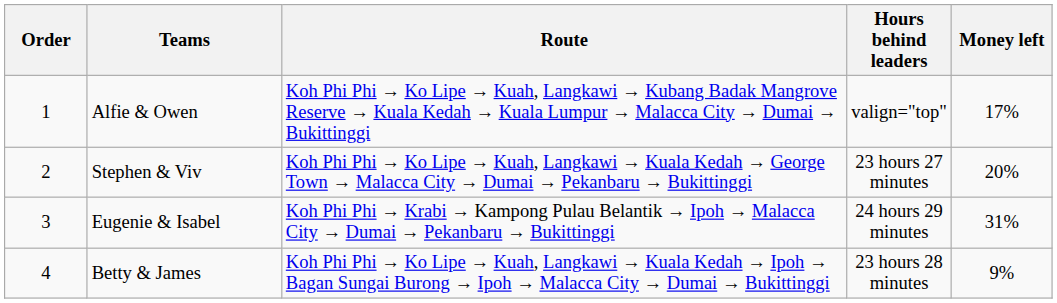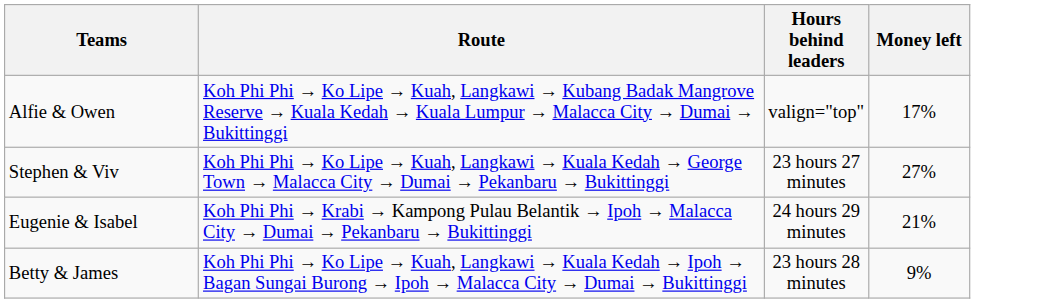 <table class="wikitable sortable" style="text-align:center">
 <tr>
-<th style="width:4em">Order</th>
 <th style="width:10em">Teams</th>
 <th style="width:30em">Route</th>
 <th style="width:5em">Hours behind leaders</th>
 <th style="width:5em">Money left</th>
 </tr>
 <tr>
-<td>1</td>
 <td style="text-align:left">Alfie & Owen</td>
 <td style="text-align:left"><a href='#'>Koh Phi Phi</a>  → <a href='#'>Ko Lipe</a>  → <a href='#'>Kuah</a>, <a href='#'>Langkawi</a> → <a href='#'>Kubang Badak Mangrove Reserve</a>   → <a href='#'>Kuala Kedah</a>   → <a href='#'>Kuala Lumpur</a>   → <a href='#'>Malacca City</a>  → <a href='#'>Dumai</a>   → <a href='#'>Bukittinggi</a></td>
 <td>valign="top" </td>
 <td>17%</td>
 </tr>
 <tr>
-<td>2</td>
 <td style="text-align:left">Stephen & Viv</td>
 <td style="text-align:left"><a href='#'>Koh Phi Phi</a>  → <a href='#'>Ko Lipe</a>   → <a href='#'>Kuah</a>, <a href='#'>Langkawi</a>  → <a href='#'>Kuala Kedah</a> → <a href='#'>George Town</a>   → <a href='#'>Malacca City</a>  → <a href='#'>Dumai</a>  → <a href='#'>Pekanbaru</a>  → <a href='#'>Bukittinggi</a></td>
 <td>23 hours 27 minutes</td>
-<td>20%</td>
+<td>27%</td>
 </tr>
 <tr>
-<td>3</td>
 <td style="text-align:left">Eugenie & Isabel</td>
 <td style="text-align:left"><a href='#'>Koh Phi Phi</a>  → <a href='#'>Krabi</a> → Kampong Pulau Belantik  → <a href='#'>Ipoh</a>   → <a href='#'>Malacca City</a>  → <a href='#'>Dumai</a>  → <a href='#'>Pekanbaru</a>  → <a href='#'>Bukittinggi</a></td>
 <td>24 hours 29 minutes</td>
-<td>31%</td>
+<td>21%</td>
 </tr>
 <tr>
-<td>4</td>
 <td style="text-align:left">Betty & James</td>
 <td style="text-align:left"><a href='#'>Koh Phi Phi</a>  → <a href='#'>Ko Lipe</a>   → <a href='#'>Kuah</a>, <a href='#'>Langkawi</a>  → <a href='#'>Kuala Kedah</a> → <a href='#'>Ipoh</a>  → <a href='#'>Bagan Sungai Burong</a>  → <a href='#'>Ipoh</a> → <a href='#'>Malacca City</a>  → <a href='#'>Dumai</a>  → <a href='#'>Bukittinggi</a></td>
 <td>23 hours 28 minutes</td>
 <td>9%</td>
 </tr>
 </table>
